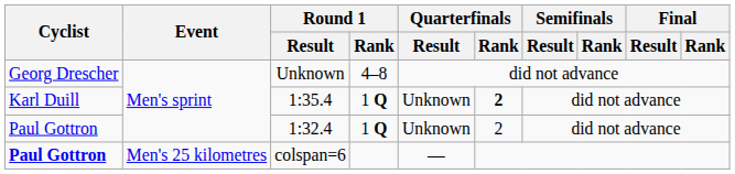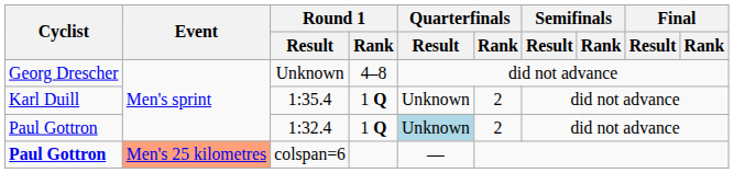 <table class="wikitable sortable" style="text-align:center">
 <tr>
 <th rowspan=2>Cyclist</th>
 <th rowspan=2>Event</th>
 <th colspan=2>Round 1</th>
 <th colspan=2>Quarterfinals</th>
 <th colspan=2>Semifinals</th>
 <th colspan=2>Final</th>
 </tr>
 <tr>
 <th>Result</th>
 <th>Rank</th>
 <th>Result</th>
 <th>Rank</th>
 <th>Result</th>
 <th>Rank</th>
 <th>Result</th>
 <th>Rank</th>
 </tr>
 <tr>
 <td align=left><a href='#'>Georg Drescher</a></td>
 <td rowspan=3 align=left><a href='#'>Men's sprint</a></td>
 <td>Unknown</td>
 <td>4–8</td>
 <td colspan=6>did not advance</td>
 </tr>
 <tr>
 <td align=left><a href='#'>Karl Duill</a></td>
 <td>1:35.4</td>
 <td>1 <strong>Q</strong></td>
 <td>Unknown</td>
-<td><strong>2</strong></td>
+<td>2</td>
 <td colspan=4>did not advance</td>
 </tr>
 <tr>
 <td align=left><a href='#'>Paul Gottron</a></td>
 <td>1:32.4</td>
 <td>1 <strong>Q</strong></td>
-<td>Unknown</td>
+<td style="background: lightblue;">Unknown</td>
 <td>2</td>
 <td colspan=4>did not advance</td>
 </tr>
 <tr>
 <td align=left><strong><a href='#'>Paul Gottron</a></strong></td>
-<td align=left><a href='#'>Men's 25 kilometres</a></td>
+<td align=left style="background: lightsalmon;"><a href='#'>Men's 25 kilometres</a></td>
 <td>colspan=6 </td>
 <td></td>
 <td>—</td>
 </tr>
 </table>
